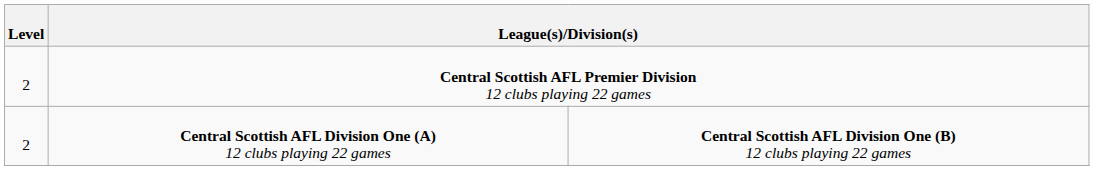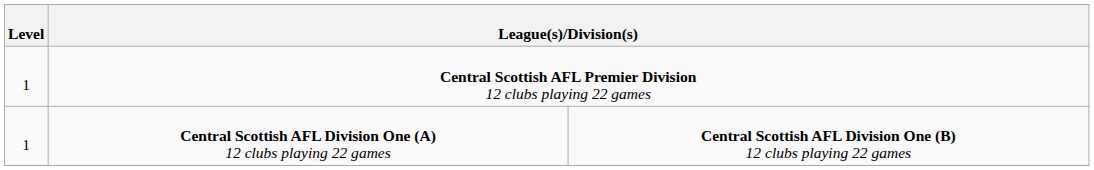 <table class="wikitable" style="text-align: center;">
 <tr>
 <th colspan="1" width="4%"><br>Level</th>
 <th colspan="6" width="96%"><br>League(s)/Division(s)</th>
 </tr>
 <tr>
-<td colspan="1" width="4%"><br>2</td>
+<td colspan="1" width="4%"><br>1</td>
 <td colspan="6" width="96%"><br><strong>Central Scottish AFL Premier Division</strong><br> <em>12 clubs playing 22 games</em></td>
 </tr>
 <tr>
-<td colspan="1" width="4%"><br>2</td>
+<td colspan="1" width="4%"><br>1</td>
 <td colspan="3" width="48%"><br><strong>Central Scottish AFL Division One (A)</strong><br> <em>12 clubs playing 22 games</em></td>
 <td colspan="3" width="48%"><br><strong>Central Scottish AFL Division One (B)</strong><br> <em>12 clubs playing 22 games</em></td>
 </tr>
 <tr>
 </tr>
 </table>
